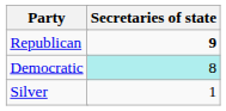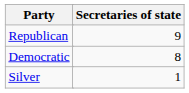 <table class=wikitable style="float:right;margin:0 0 0.5em 1em;">
 <tr>
 <th colspan=2>Party</th>
 <th>Secretaries of state</th>
 </tr>
 <tr>
 <td colspan=2><a href='#'>Republican</a></td>
-<td align=right><strong>9</strong></td>
+<td align=right>9</td>
 </tr>
 <tr>
 <td colspan=2><a href='#'>Democratic</a></td>
-<td align=right style="background: paleturquoise;">8</td>
+<td align=right>8</td>
 </tr>
 <tr>
 <td colspan=2><a href='#'>Silver</a></td>
 <td align=right>1</td>
 </tr>
 </table>
